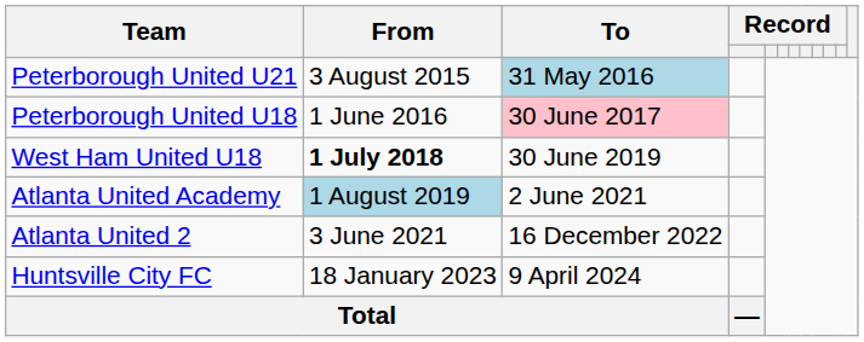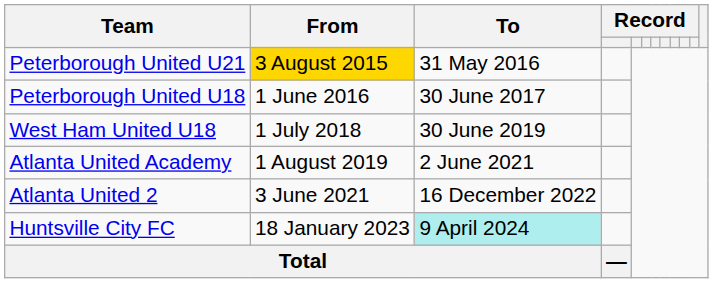 <table class=wikitable style="text-align: center">
 <tr>
 <th rowspan=2>Team</th>
 <th rowspan=2>From</th>
 <th rowspan=2>To</th>
 <th colspan=8>Record</th>
 <th rowspan=2></th>
 </tr>
 <tr>
 <th></th>
 <th></th>
 <th></th>
 <th></th>
 <th></th>
 <th></th>
 <th></th>
 <th></th>
 </tr>
 <tr>
 <td align=left><a href='#'>Peterborough United U21</a></td>
-<td align=left>3 August 2015</td>
-<td align=left style="background: lightblue;">31 May 2016<br></td>
+<td align=left style="background: gold;">3 August 2015</td>
+<td align=left>31 May 2016<br></td>
 <td></td>
 </tr>
 <tr>
 <td align=left><a href='#'>Peterborough United U18</a></td>
 <td align=left>1 June 2016</td>
-<td align=left style="background: pink;">30 June 2017<br></td>
+<td align=left>30 June 2017<br></td>
 <td></td>
 </tr>
 <tr>
 <td align=left><a href='#'>West Ham United U18</a></td>
-<td align=left><strong>1 July 2018</strong></td>
+<td align=left>1 July 2018</td>
 <td align=left>30 June 2019<br></td>
 <td></td>
 </tr>
 <tr>
 <td align=left><a href='#'>Atlanta United Academy</a></td>
-<td align=left style="background: lightblue;">1 August 2019</td>
+<td align=left>1 August 2019</td>
 <td align=left>2 June 2021<br></td>
 <td></td>
 </tr>
 <tr>
 <td align=left><a href='#'>Atlanta United 2</a></td>
 <td align=left>3 June 2021</td>
 <td align=left>16 December 2022<br></td>
 <td></td>
 </tr>
 <tr>
 <td align=left><a href='#'>Huntsville City FC</a></td>
 <td align=left>18 January 2023</td>
-<td align=left>9 April 2024<br></td>
+<td align=left style="background: paleturquoise;">9 April 2024<br></td>
 <td></td>
 </tr>
 <tr>
 <th colspan=3>Total<br></th>
 <th>—</th>
 </tr>
 </table>
